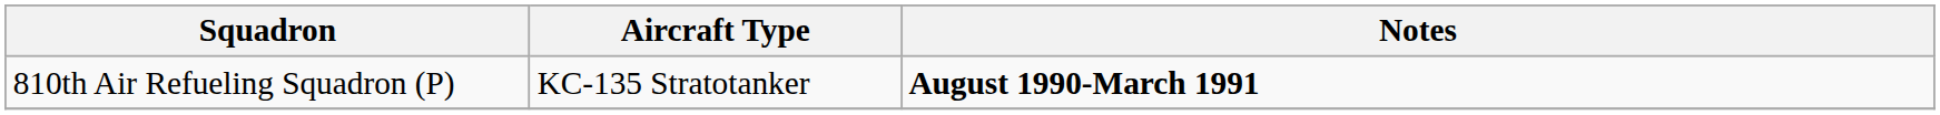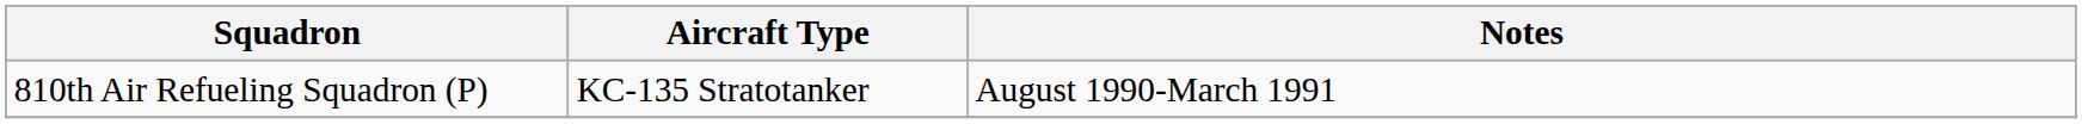 <table class="wikitable">
 <tr>
 <th scope="col" width="250">Squadron</th>
 <th scope="col" width="175">Aircraft Type</th>
 <th scope="col" width="500">Notes</th>
 </tr>
 <tr valign="top">
 <td>810th Air Refueling Squadron (P)</td>
 <td>KC-135 Stratotanker</td>
-<td><strong>August 1990-March 1991</strong></td>
+<td>August 1990-March 1991</td>
 </tr>
 <tr>
 </tr>
 <tr>
 </tr>
 </table>
